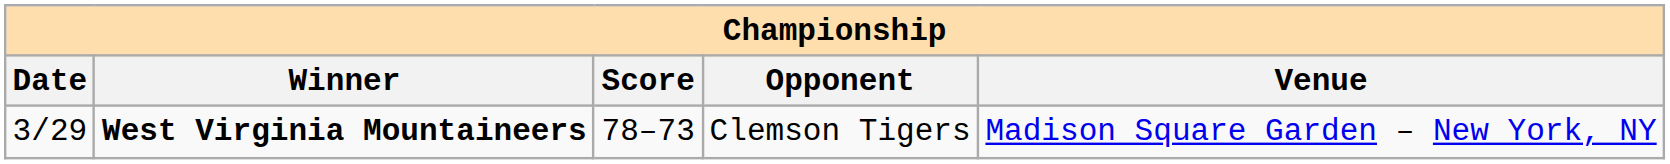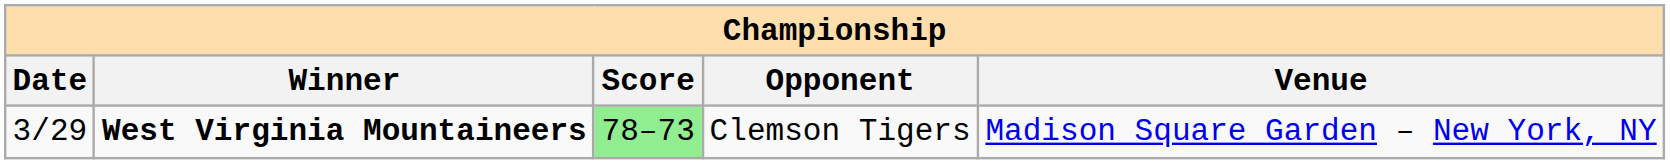 <table class="wikitable">
 <tr>
 <th colspan="5" style="background:#ffdead;">Championship</th>
 </tr>
 <tr>
 <th>Date</th>
 <th>Winner</th>
 <th>Score</th>
 <th>Opponent</th>
 <th>Venue</th>
 </tr>
 <tr>
 <td>3/29</td>
 <td><strong>West Virginia Mountaineers</strong></td>
-<td>78–73</td>
+<td style="background: lightgreen;">78–73</td>
 <td>Clemson Tigers</td>
 <td><a href='#'>Madison Square Garden</a> – <a href='#'>New York, NY</a></td>
 </tr>
 </table>
